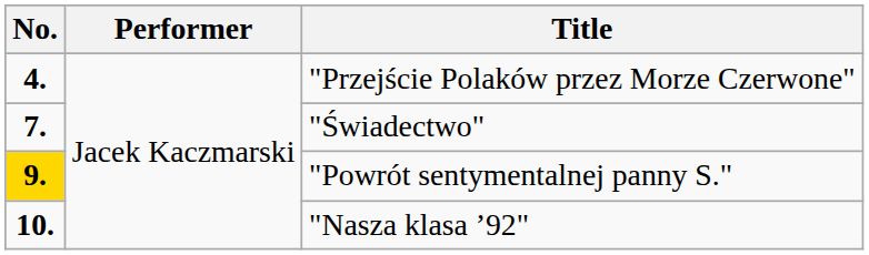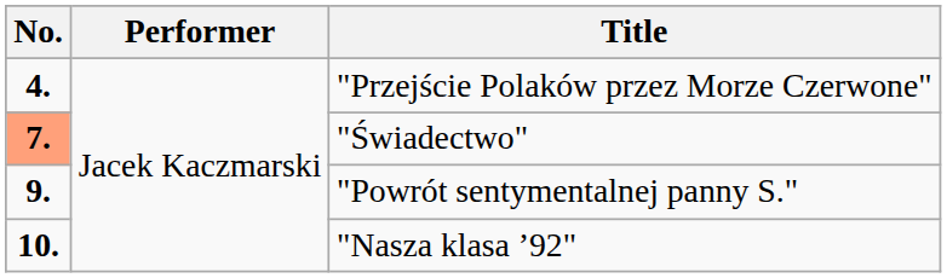 <table class="wikitable">
 <tr>
 <th>No.</th>
 <th>Performer</th>
 <th>Title</th>
 </tr>
 <tr>
 <td style="text-align:center"><strong>4.</strong></td>
 <td rowspan="4">Jacek Kaczmarski</td>
 <td>"Przejście Polaków przez Morze Czerwone"</td>
 </tr>
 <tr>
-<td style="text-align:center"><strong>7.</strong></td>
+<td style="background: lightsalmon; text-align:center"><strong>7.</strong></td>
 <td>"Świadectwo"</td>
 </tr>
 <tr>
-<td style="background: gold; text-align:center"><strong>9.</strong></td>
+<td style="text-align:center"><strong>9.</strong></td>
 <td>"Powrót sentymentalnej panny S."</td>
 </tr>
 <tr>
 <td style="text-align:center"><strong>10.</strong></td>
 <td>"Nasza klasa ’92"</td>
 </tr>
 </table>
